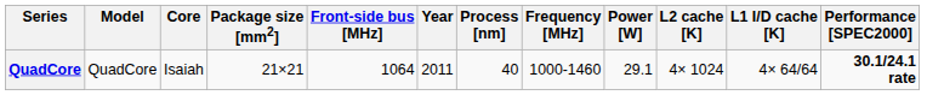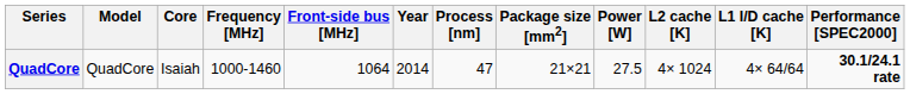 <table class="wikitable sortable" summary="This table contains specifications for certain VIA processors" style="text-align: right;">
 <tr style="vertical-align: top;white-space:nowrap">
 <th>Series</th>
 <th>Model</th>
 <th>Core</th>
-<th abbr="Size">Package size<br>[mm<sup>2</sup>]</th>
+<th abbr="Frequency">Frequency<br>[MHz]</th>
 <th abbr="Front Side Bus"><a href='#'>Front-side bus</a><br>[MHz]</th>
 <th>Year</th>
 <th abbr="Process">Process<br>[nm]</th>
-<th abbr="Frequency">Frequency<br>[MHz]</th>
+<th abbr="Size">Package size<br>[mm<sup>2</sup>]</th>
 <th abbr="Power">Power<br>[W]</th>
 <th abbr="L2 Cache">L2 cache<br>[K]</th>
 <th abbr="L1 Cache">L1 I/D cache<br>[K]</th>
 <th abbr="Perf">Performance<br>[SPEC2000]</th>
 </tr>
 <tr>
 <th><a href='#'>QuadCore</a></th>
 <td>QuadCore</td>
 <td>Isaiah</td>
+<td>1000-1460</td>
+<td>1064</td>
+<td>2014</td>
+<td>47</td>
 <td>21×21</td>
-<td>1064</td>
-<td>2011</td>
-<td>40</td>
-<td>1000-1460</td>
-<td>29.1</td>
+<td>27.5</td>
 <td>4× 1024</td>
 <td>4× 64/64</td>
 <td><strong>30.1/24.1 rate</strong></td>
 </tr>
 </table>
